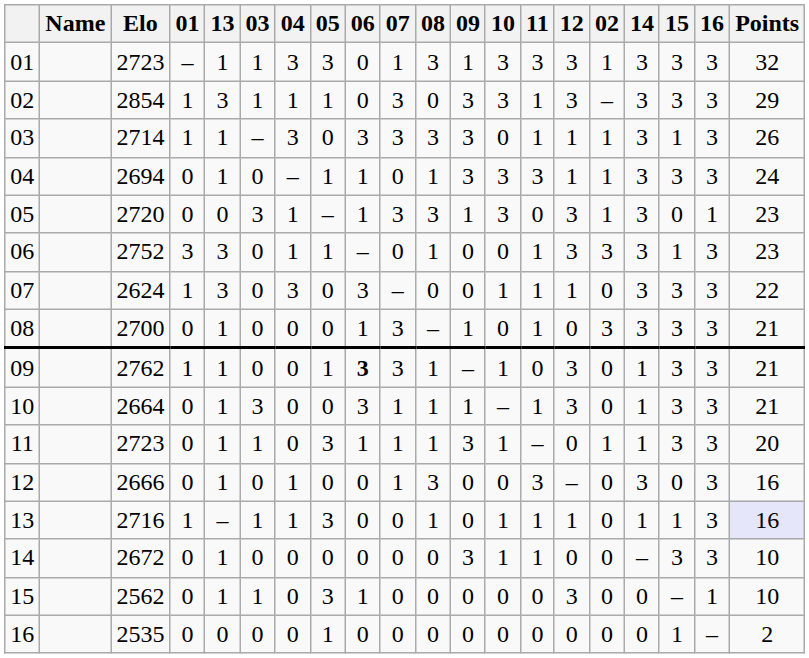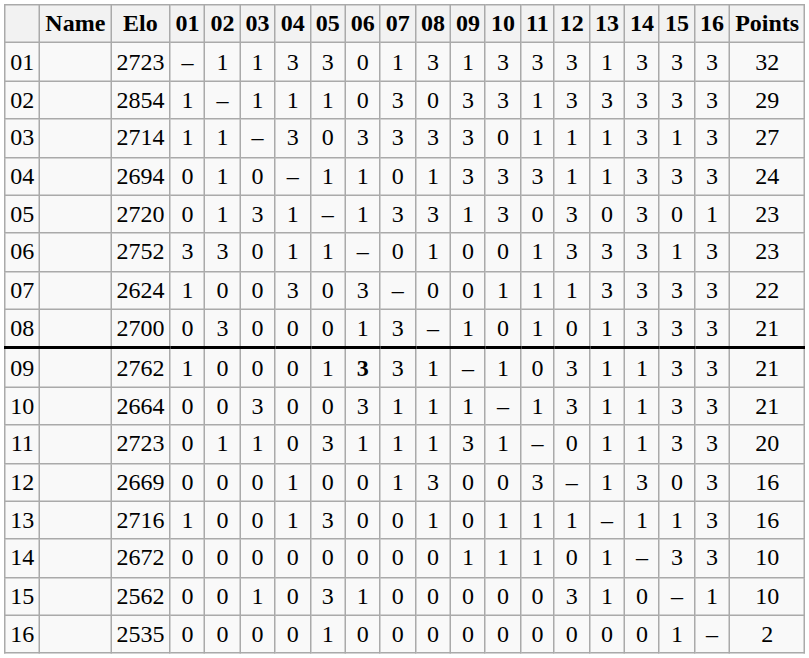 <table class="wikitable" style="text-align:center">
 <tr>
 <th></th>
 <th>Name</th>
 <th>Elo</th>
 <th>01</th>
-<th>13</th>
+<th>02</th>
 <th>03</th>
 <th>04</th>
 <th>05</th>
 <th>06</th>
 <th>07</th>
 <th>08</th>
 <th>09</th>
 <th>10</th>
 <th>11</th>
 <th>12</th>
-<th>02</th>
+<th>13</th>
 <th>14</th>
 <th>15</th>
 <th>16</th>
 <th>Points</th>
 </tr>
 <tr>
 <td>01</td>
 <td style="text-align:left;" data-sort-value="Lê"></td>
 <td>2723</td>
 <td>–</td>
 <td>1</td>
 <td>1</td>
 <td>3</td>
 <td>3</td>
 <td>0</td>
 <td>1</td>
 <td>3</td>
 <td>1</td>
 <td>3</td>
 <td>3</td>
 <td>3</td>
 <td>1</td>
 <td>3</td>
 <td>3</td>
 <td>3</td>
 <td>32</td>
 </tr>
 <tr>
 <td>02</td>
 <td style="text-align:left;" data-sort-value="Carlsen"></td>
 <td>2854</td>
 <td>1</td>
-<td>3</td>
+<td>–</td>
 <td>1</td>
 <td>1</td>
 <td>1</td>
 <td>0</td>
 <td>3</td>
 <td>0</td>
 <td>3</td>
 <td>3</td>
 <td>1</td>
 <td>3</td>
-<td>–</td>
+<td>3</td>
 <td>3</td>
 <td>3</td>
 <td>3</td>
 <td>29</td>
 </tr>
 <tr>
 <td>03</td>
 <td style="text-align:left;" data-sort-value="van Foreest"></td>
 <td>2714</td>
 <td>1</td>
 <td>1</td>
 <td>–</td>
 <td>3</td>
 <td>0</td>
 <td>3</td>
 <td>3</td>
 <td>3</td>
 <td>3</td>
 <td>0</td>
 <td>1</td>
 <td>1</td>
 <td>1</td>
 <td>3</td>
 <td>1</td>
 <td>3</td>
-<td>26</td>
+<td>27</td>
 </tr>
 <tr>
 <td>04</td>
 <td style="text-align:left;" data-sort-value="Guijarro"></td>
 <td>2694</td>
 <td>0</td>
 <td>1</td>
 <td>0</td>
 <td>–</td>
 <td>1</td>
 <td>1</td>
 <td>0</td>
 <td>1</td>
 <td>3</td>
 <td>3</td>
 <td>3</td>
 <td>1</td>
 <td>1</td>
 <td>3</td>
 <td>3</td>
 <td>3</td>
 <td>24</td>
 </tr>
 <tr>
 <td>05</td>
 <td style="text-align:left;" data-sort-value="Duda"></td>
 <td>2720</td>
 <td>0</td>
-<td>0</td>
+<td>1</td>
 <td>3</td>
 <td>1</td>
 <td>–</td>
 <td>1</td>
 <td>3</td>
 <td>3</td>
 <td>1</td>
 <td>3</td>
 <td>0</td>
 <td>3</td>
-<td>1</td>
+<td>0</td>
 <td>3</td>
 <td>0</td>
 <td>1</td>
 <td>23</td>
 </tr>
 <tr>
 <td>06</td>
 <td style="text-align:left;" data-sort-value="Ding"></td>
 <td>2752</td>
 <td>3</td>
 <td>3</td>
 <td>0</td>
 <td>1</td>
 <td>1</td>
 <td>–</td>
 <td>0</td>
 <td>1</td>
 <td>0</td>
 <td>0</td>
 <td>1</td>
 <td>3</td>
 <td>3</td>
 <td>3</td>
 <td>1</td>
 <td>3</td>
 <td>23</td>
 </tr>
 <tr>
 <td>07</td>
 <td style="text-align:left;" data-sort-value="Niemann"></td>
 <td>2624</td>
 <td>1</td>
-<td>3</td>
+<td>0</td>
 <td>0</td>
 <td>3</td>
 <td>0</td>
 <td>3</td>
 <td>–</td>
 <td>0</td>
 <td>0</td>
 <td>1</td>
 <td>1</td>
 <td>1</td>
-<td>0</td>
+<td>3</td>
 <td>3</td>
 <td>3</td>
 <td>3</td>
 <td>22</td>
 </tr>
 <tr>
 <td>08</td>
 <td style="text-align:left;" data-sort-value="Navara"></td>
 <td>2700</td>
 <td>0</td>
-<td>1</td>
+<td>3</td>
 <td>0</td>
 <td>0</td>
 <td>0</td>
 <td>1</td>
 <td>3</td>
 <td>–</td>
 <td>1</td>
 <td>0</td>
 <td>1</td>
 <td>0</td>
-<td>3</td>
+<td>1</td>
 <td>3</td>
 <td>3</td>
 <td>3</td>
 <td>21</td>
 </tr>
 <tr>
 <td style="border-top: 2px solid #000000;">09</td>
 <td style="text-align:left; border-top: 2px solid #000000;" data-sort-value="Rapport"></td>
 <td style="border-top: 2px solid #000000;">2762</td>
 <td style="border-top: 2px solid #000000;">1</td>
-<td style="border-top: 2px solid #000000;">1</td>
+<td style="border-top: 2px solid #000000;">0</td>
 <td style="border-top: 2px solid #000000;">0</td>
 <td style="border-top: 2px solid #000000;">0</td>
 <td style="border-top: 2px solid #000000;">1</td>
 <td style="border-top: 2px solid #000000;"><strong>3</strong></td>
 <td style="border-top: 2px solid #000000;">3</td>
 <td style="border-top: 2px solid #000000;">1</td>
 <td style="border-top: 2px solid #000000;">–</td>
 <td style="border-top: 2px solid #000000;">1</td>
 <td style="border-top: 2px solid #000000;">0</td>
 <td style="border-top: 2px solid #000000;">3</td>
-<td style="border-top: 2px solid #000000;">0</td>
+<td style="border-top: 2px solid #000000;">1</td>
 <td style="border-top: 2px solid #000000;">1</td>
 <td style="border-top: 2px solid #000000;">3</td>
 <td style="border-top: 2px solid #000000;">3</td>
 <td style="border-top: 2px solid #000000;">21</td>
 </tr>
 <tr>
 <td>10</td>
 <td style="text-align:left;" data-sort-value="Praggnanandhaa"></td>
 <td>2664</td>
 <td>0</td>
-<td>1</td>
+<td>0</td>
 <td>3</td>
 <td>0</td>
 <td>0</td>
 <td>3</td>
 <td>1</td>
 <td>1</td>
 <td>1</td>
 <td>–</td>
 <td>1</td>
 <td>3</td>
-<td>0</td>
+<td>1</td>
 <td>1</td>
 <td>3</td>
 <td>3</td>
 <td>21</td>
 </tr>
 <tr>
 <td>11</td>
 <td style="text-align:left;" data-sort-value="Gujrathi"></td>
 <td>2723</td>
 <td>0</td>
 <td>1</td>
 <td>1</td>
 <td>0</td>
 <td>3</td>
 <td>1</td>
 <td>1</td>
 <td>1</td>
 <td>3</td>
 <td>1</td>
 <td>–</td>
 <td>0</td>
 <td>1</td>
 <td>1</td>
 <td>3</td>
 <td>3</td>
 <td>20</td>
 </tr>
 <tr>
 <td>12</td>
 <td style="text-align:left;" data-sort-value="Hansen"></td>
-<td>2666</td>
+<td>2669</td>
 <td>0</td>
-<td>1</td>
+<td>0</td>
 <td>0</td>
 <td>1</td>
 <td>0</td>
 <td>0</td>
 <td>1</td>
 <td>3</td>
 <td>0</td>
 <td>0</td>
 <td>3</td>
 <td>–</td>
-<td>0</td>
+<td>1</td>
 <td>3</td>
 <td>0</td>
 <td>3</td>
 <td>16</td>
 </tr>
 <tr>
 <td>13</td>
 <td style="text-align:left;" data-sort-value="Pentala"></td>
 <td>2716</td>
 <td>1</td>
-<td>–</td>
-<td>1</td>
+<td>0</td>
+<td>0</td>
 <td>1</td>
 <td>3</td>
 <td>0</td>
 <td>0</td>
 <td>1</td>
 <td>0</td>
 <td>1</td>
 <td>1</td>
 <td>1</td>
-<td>0</td>
+<td>–</td>
 <td>1</td>
 <td>1</td>
 <td>3</td>
-<td style="background: lavender;">16</td>
+<td>16</td>
 </tr>
 <tr>
 <td>14</td>
 <td style="text-align:left;" data-sort-value="Jones"></td>
 <td>2672</td>
 <td>0</td>
-<td>1</td>
 <td>0</td>
 <td>0</td>
 <td>0</td>
 <td>0</td>
 <td>0</td>
 <td>0</td>
-<td>3</td>
+<td>0</td>
+<td>1</td>
 <td>1</td>
 <td>1</td>
 <td>0</td>
-<td>0</td>
+<td>1</td>
 <td>–</td>
 <td>3</td>
 <td>3</td>
 <td>10</td>
 </tr>
 <tr>
 <td>15</td>
 <td style="text-align:left;" data-sort-value="Ju"></td>
 <td>2562</td>
 <td>0</td>
-<td>1</td>
+<td>0</td>
 <td>1</td>
 <td>0</td>
 <td>3</td>
 <td>1</td>
 <td>0</td>
 <td>0</td>
 <td>0</td>
 <td>0</td>
 <td>0</td>
 <td>3</td>
-<td>0</td>
+<td>1</td>
 <td>0</td>
 <td>–</td>
 <td>1</td>
 <td>10</td>
 </tr>
 <tr>
 <td>16</td>
 <td style="text-align:left;" data-sort-value="Lei"></td>
 <td>2535</td>
 <td>0</td>
 <td>0</td>
 <td>0</td>
 <td>0</td>
 <td>1</td>
 <td>0</td>
 <td>0</td>
 <td>0</td>
 <td>0</td>
 <td>0</td>
 <td>0</td>
 <td>0</td>
 <td>0</td>
 <td>0</td>
 <td>1</td>
 <td>–</td>
 <td>2</td>
 </tr>
 </table>
